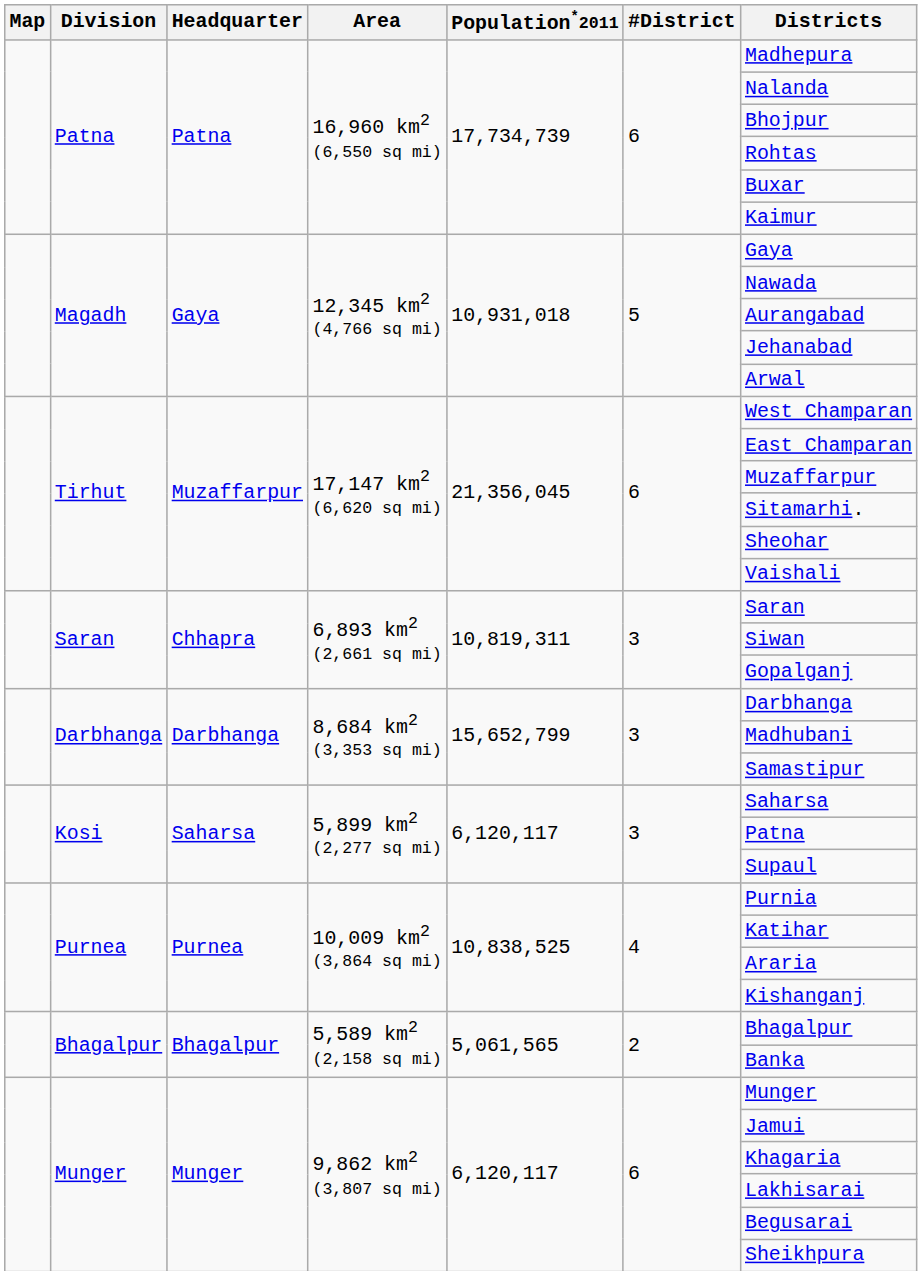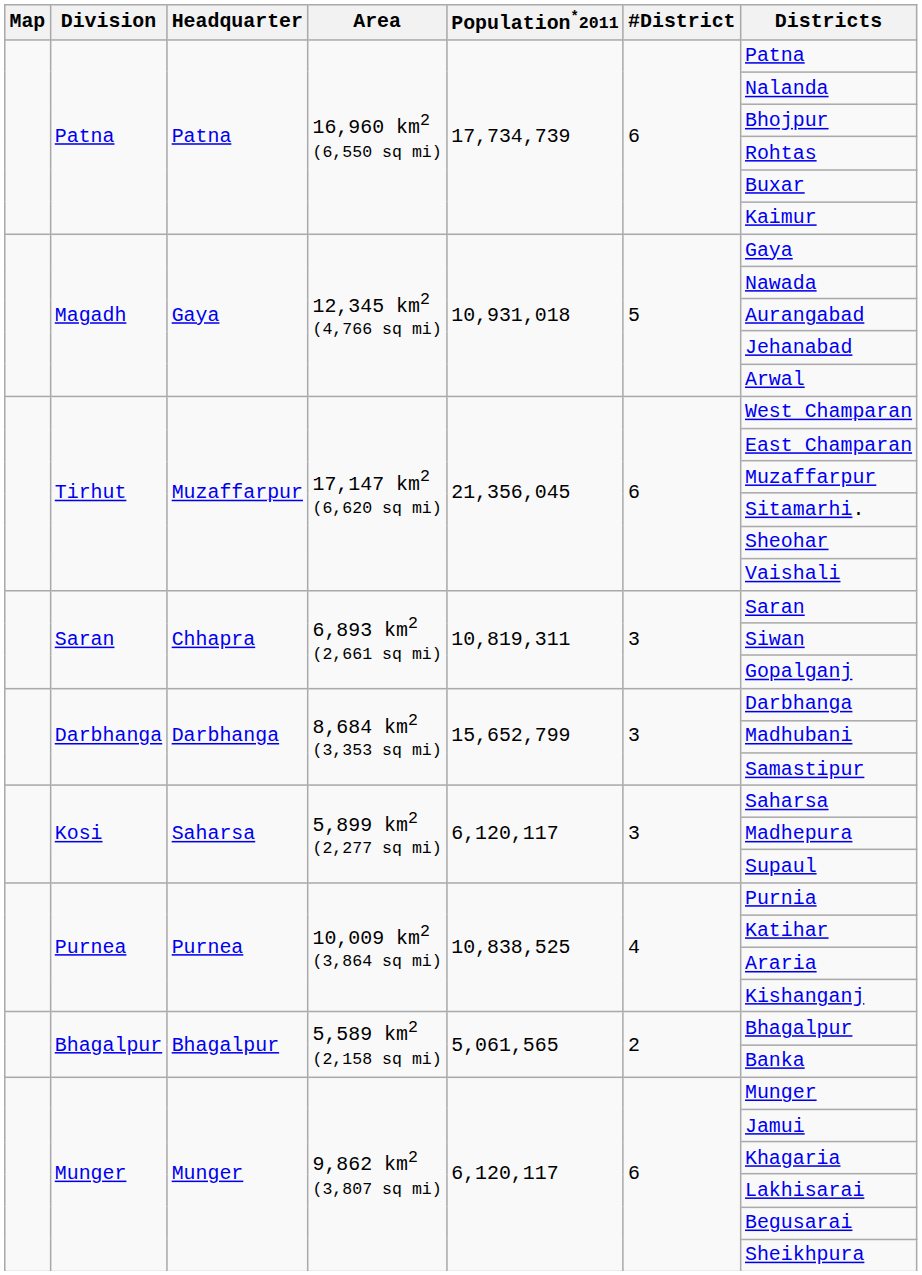 <table class="wikitable sortable">
 <tr>
 <th>Map</th>
 <th>Division</th>
 <th>Headquarter</th>
 <th>Area</th>
 <th>Population<small><sup>*</sup>2011</small></th>
 <th>#District</th>
 <th>Districts</th>
 </tr>
 <tr>
 <td rowspan="6"></td>
 <td rowspan="6"><a href='#'>Patna</a></td>
 <td rowspan="6"><a href='#'>Patna</a></td>
 <td rowspan="6">16,960 km<sup>2</sup><br><small>(6,550 sq mi)</small></td>
 <td rowspan="6">17,734,739</td>
 <td rowspan="6">6</td>
-<td><a href='#'>Madhepura</a></td>
+<td><a href='#'>Patna</a></td>
 </tr>
 <tr>
 <td><a href='#'>Nalanda</a></td>
 </tr>
 <tr>
 <td><a href='#'>Bhojpur</a></td>
 </tr>
 <tr>
 <td><a href='#'>Rohtas</a></td>
 </tr>
 <tr>
 <td><a href='#'>Buxar</a></td>
 </tr>
 <tr>
 <td><a href='#'>Kaimur</a></td>
 </tr>
 <tr>
 <td rowspan="5"></td>
 <td rowspan="5"><a href='#'>Magadh</a></td>
 <td rowspan="5"><a href='#'>Gaya</a></td>
 <td rowspan="5">12,345 km<sup>2</sup><br><small>(4,766 sq mi)</small></td>
 <td rowspan="5">10,931,018</td>
 <td rowspan="5">5</td>
 <td><a href='#'>Gaya</a></td>
 </tr>
 <tr>
 <td><a href='#'>Nawada</a></td>
 </tr>
 <tr>
 <td><a href='#'>Aurangabad</a></td>
 </tr>
 <tr>
 <td><a href='#'>Jehanabad</a></td>
 </tr>
 <tr>
 <td><a href='#'>Arwal</a></td>
 </tr>
 <tr>
 <td rowspan="6"></td>
 <td rowspan="6"><a href='#'>Tirhut</a></td>
 <td rowspan="6"><a href='#'>Muzaffarpur</a></td>
 <td rowspan="6">17,147 km<sup>2</sup><br><small>(6,620 sq mi)</small></td>
 <td rowspan="6">21,356,045</td>
 <td rowspan="6">6</td>
 <td><a href='#'>West Champaran</a></td>
 </tr>
 <tr>
 <td><a href='#'>East Champaran</a></td>
 </tr>
 <tr>
 <td><a href='#'>Muzaffarpur</a></td>
 </tr>
 <tr>
 <td><a href='#'>Sitamarhi</a>.</td>
 </tr>
 <tr>
 <td><a href='#'>Sheohar</a></td>
 </tr>
 <tr>
 <td><a href='#'>Vaishali</a></td>
 </tr>
 <tr>
 <td rowspan="3"></td>
 <td rowspan="3"><a href='#'>Saran</a></td>
 <td rowspan="3"><a href='#'>Chhapra</a></td>
 <td rowspan="3">6,893 km<sup>2</sup><br><small>(2,661 sq mi)</small></td>
 <td rowspan="3">10,819,311</td>
 <td rowspan="3">3</td>
 <td><a href='#'>Saran</a></td>
 </tr>
 <tr>
 <td><a href='#'>Siwan</a></td>
 </tr>
 <tr>
 <td><a href='#'>Gopalganj</a></td>
 </tr>
 <tr>
 <td rowspan="3"></td>
 <td rowspan="3"><a href='#'>Darbhanga</a></td>
 <td rowspan="3"><a href='#'>Darbhanga</a></td>
 <td rowspan="3">8,684 km<sup>2</sup><br><small>(3,353 sq mi)</small></td>
 <td rowspan="3">15,652,799</td>
 <td rowspan="3">3</td>
 <td><a href='#'>Darbhanga</a></td>
 </tr>
 <tr>
 <td><a href='#'>Madhubani</a></td>
 </tr>
 <tr>
 <td><a href='#'>Samastipur</a></td>
 </tr>
 <tr>
 <td rowspan="3"></td>
 <td rowspan="3"><a href='#'>Kosi</a></td>
 <td rowspan="3"><a href='#'>Saharsa</a></td>
 <td rowspan="3">5,899 km<sup>2</sup><br><small>(2,277 sq mi)</small></td>
 <td rowspan="3">6,120,117</td>
 <td rowspan="3">3</td>
 <td><a href='#'>Saharsa</a></td>
 </tr>
 <tr>
-<td><a href='#'>Patna</a></td>
+<td><a href='#'>Madhepura</a></td>
 </tr>
 <tr>
 <td><a href='#'>Supaul</a></td>
 </tr>
 <tr>
 <td rowspan="4"></td>
 <td rowspan="4"><a href='#'>Purnea</a></td>
 <td rowspan="4"><a href='#'>Purnea</a></td>
 <td rowspan="4">10,009 km<sup>2</sup><br><small>(3,864 sq mi)</small></td>
 <td rowspan="4">10,838,525</td>
 <td rowspan="4">4</td>
 <td><a href='#'>Purnia</a></td>
 </tr>
 <tr>
 <td><a href='#'>Katihar</a></td>
 </tr>
 <tr>
 <td><a href='#'>Araria</a></td>
 </tr>
 <tr>
 <td><a href='#'>Kishanganj</a></td>
 </tr>
 <tr>
 <td rowspan="2"></td>
 <td rowspan="2"><a href='#'>Bhagalpur</a></td>
 <td rowspan="2"><a href='#'>Bhagalpur</a></td>
 <td rowspan="2">5,589 km<sup>2</sup><br><small>(2,158 sq mi)</small></td>
 <td rowspan="2">5,061,565</td>
 <td rowspan="2">2</td>
 <td><a href='#'>Bhagalpur</a></td>
 </tr>
 <tr>
 <td><a href='#'>Banka</a></td>
 </tr>
 <tr>
 <td rowspan="6"></td>
 <td rowspan="6"><a href='#'>Munger</a></td>
 <td rowspan="6"><a href='#'>Munger</a></td>
 <td rowspan="6">9,862 km<sup>2</sup><br><small>(3,807 sq mi)</small></td>
 <td rowspan="6">6,120,117</td>
 <td rowspan="6">6</td>
 <td><a href='#'>Munger</a></td>
 </tr>
 <tr>
 <td><a href='#'>Jamui</a></td>
 </tr>
 <tr>
 <td><a href='#'>Khagaria</a></td>
 </tr>
 <tr>
 <td><a href='#'>Lakhisarai</a></td>
 </tr>
 <tr>
 <td><a href='#'>Begusarai</a></td>
 </tr>
 <tr>
 <td><a href='#'>Sheikhpura</a></td>
 </tr>
 </table>
